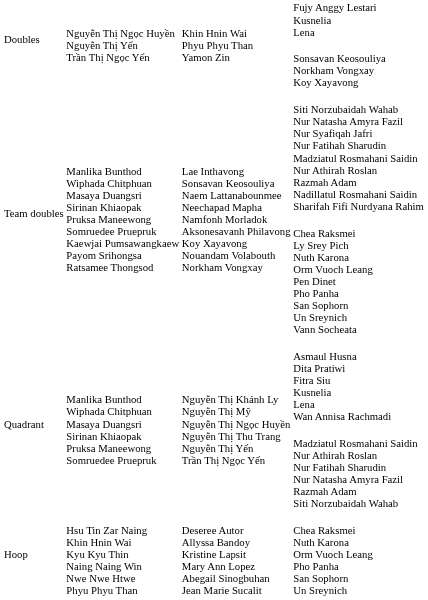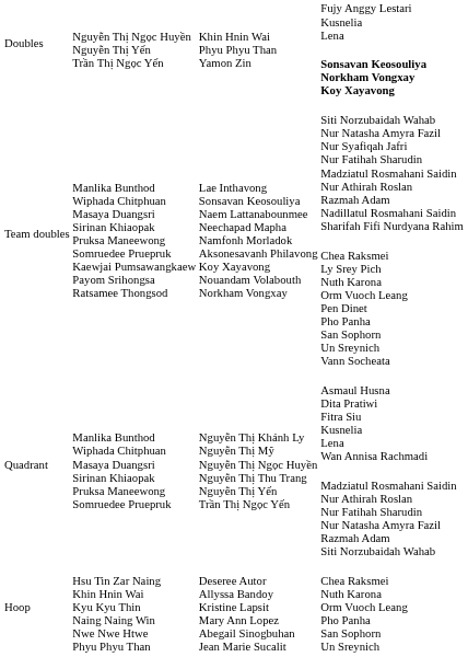 <table>
 <tr>
 <td rowspan=2>Doubles</td>
 <td rowspan=2><br>Nguyễn Thị Ngọc Huyền<br>Nguyễn Thị Yến<br>Trần Thị Ngọc Yến</td>
 <td rowspan=2><br>Khin Hnin Wai<br>Phyu Phyu Than<br>Yamon Zin</td>
 <td><br>Fujy Anggy Lestari<br>Kusnelia<br>Lena</td>
 </tr>
 <tr>
-<td><br>Sonsavan Keosouliya<br>Norkham Vongxay<br>Koy Xayavong</td>
+<td><strong><br>Sonsavan Keosouliya<br>Norkham Vongxay<br>Koy Xayavong</strong></td>
 </tr>
 <tr>
 <td rowspan=2>Team doubles</td>
 <td rowspan=2 nowrap><br>Manlika Bunthod<br>Wiphada Chitphuan<br>Masaya Duangsri<br>Sirinan Khiaopak<br>Pruksa Maneewong<br>Somruedee Pruepruk<br>Kaewjai Pumsawangkaew<br>Payom Srihongsa<br>Ratsamee Thongsod</td>
 <td rowspan=2 nowrap><br>Lae Inthavong<br>Sonsavan Keosouliya<br>Naem Lattanabounmee<br>Neechapad Mapha<br>Namfonh Morladok<br>Aksonesavanh Philavong<br>Koy Xayavong<br>Nouandam Volabouth<br>Norkham Vongxay</td>
 <td nowrap><br>Siti Norzubaidah Wahab<br>Nur Natasha Amyra Fazil<br>Nur Syafiqah Jafri<br>Nur Fatihah Sharudin<br>Madziatul Rosmahani Saidin<br>Nur Athirah Roslan<br>Razmah Adam<br>Nadillatul Rosmahani Saidin<br>Sharifah Fifi Nurdyana Rahim</td>
 </tr>
 <tr>
 <td><br>Chea Raksmei<br>Ly Srey Pich<br>Nuth Karona<br>Orm Vuoch Leang<br>Pen Dinet<br>Pho Panha<br>San Sophorn<br>Un Sreynich<br>Vann Socheata</td>
 </tr>
 <tr>
 <td rowspan=2>Quadrant</td>
 <td rowspan=2><br>Manlika Bunthod<br>Wiphada Chitphuan<br>Masaya Duangsri<br>Sirinan Khiaopak<br>Pruksa Maneewong<br>Somruedee Pruepruk</td>
 <td rowspan=2><br>Nguyễn Thị Khánh Ly<br>Nguyễn Thị Mỹ<br>Nguyễn Thị Ngọc Huyền<br>Nguyễn Thị Thu Trang<br>Nguyễn Thị Yến<br>Trần Thị Ngọc Yến</td>
 <td><br>Asmaul Husna<br>Dita Pratiwi<br>Fitra Siu<br>Kusnelia<br>Lena<br>Wan Annisa Rachmadi</td>
 </tr>
 <tr>
 <td><br>Madziatul Rosmahani Saidin<br>Nur Athirah Roslan<br>Nur Fatihah Sharudin<br>Nur Natasha Amyra Fazil<br>Razmah Adam<br>Siti Norzubaidah Wahab</td>
 </tr>
 <tr>
 <td>Hoop</td>
 <td><br>Hsu Tin Zar Naing<br>Khin Hnin Wai<br>Kyu Kyu Thin<br>Naing Naing Win<br>Nwe Nwe Htwe<br>Phyu Phyu Than</td>
 <td><br>Deseree Autor<br>Allyssa Bandoy<br>Kristine Lapsit<br>Mary Ann Lopez<br>Abegail Sinogbuhan<br>Jean Marie Sucalit</td>
 <td><br>Chea Raksmei<br>Nuth Karona<br>Orm Vuoch Leang<br>Pho Panha<br>San Sophorn<br>Un Sreynich</td>
 </tr>
 </table>
